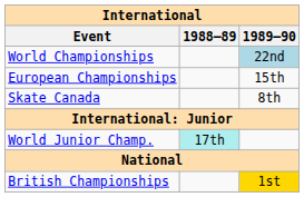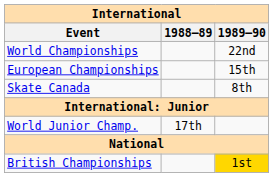 <table class="wikitable" style="text-align:center">
 <tr>
 <th style="background-color: #ffdead; " colspan=3 align=center>International</th>
 </tr>
 <tr>
 <th>Event</th>
 <th>1988–89</th>
 <th>1989–90</th>
 </tr>
 <tr>
 <td align=left><a href='#'>World Championships</a></td>
 <td></td>
-<td style="background: lightblue;">22nd</td>
+<td>22nd</td>
 </tr>
 <tr>
 <td align=left><a href='#'>European Championships</a></td>
 <td></td>
 <td>15th</td>
 </tr>
 <tr>
 <td align=left><a href='#'>Skate Canada</a></td>
 <td></td>
 <td>8th</td>
 </tr>
 <tr>
 <th style="background-color: #ffdead; " colspan=3 align=center>International: Junior</th>
 </tr>
 <tr>
 <td align=left><a href='#'>World Junior Champ.</a></td>
-<td style="background: paleturquoise;">17th</td>
+<td>17th</td>
 <td></td>
 </tr>
 <tr>
 <th style="background-color: #ffdead; " colspan=3 align=center>National</th>
 </tr>
 <tr>
 <td align=left><a href='#'>British Championships</a></td>
 <td></td>
 <td bgcolor=gold>1st</td>
 </tr>
 </table>
